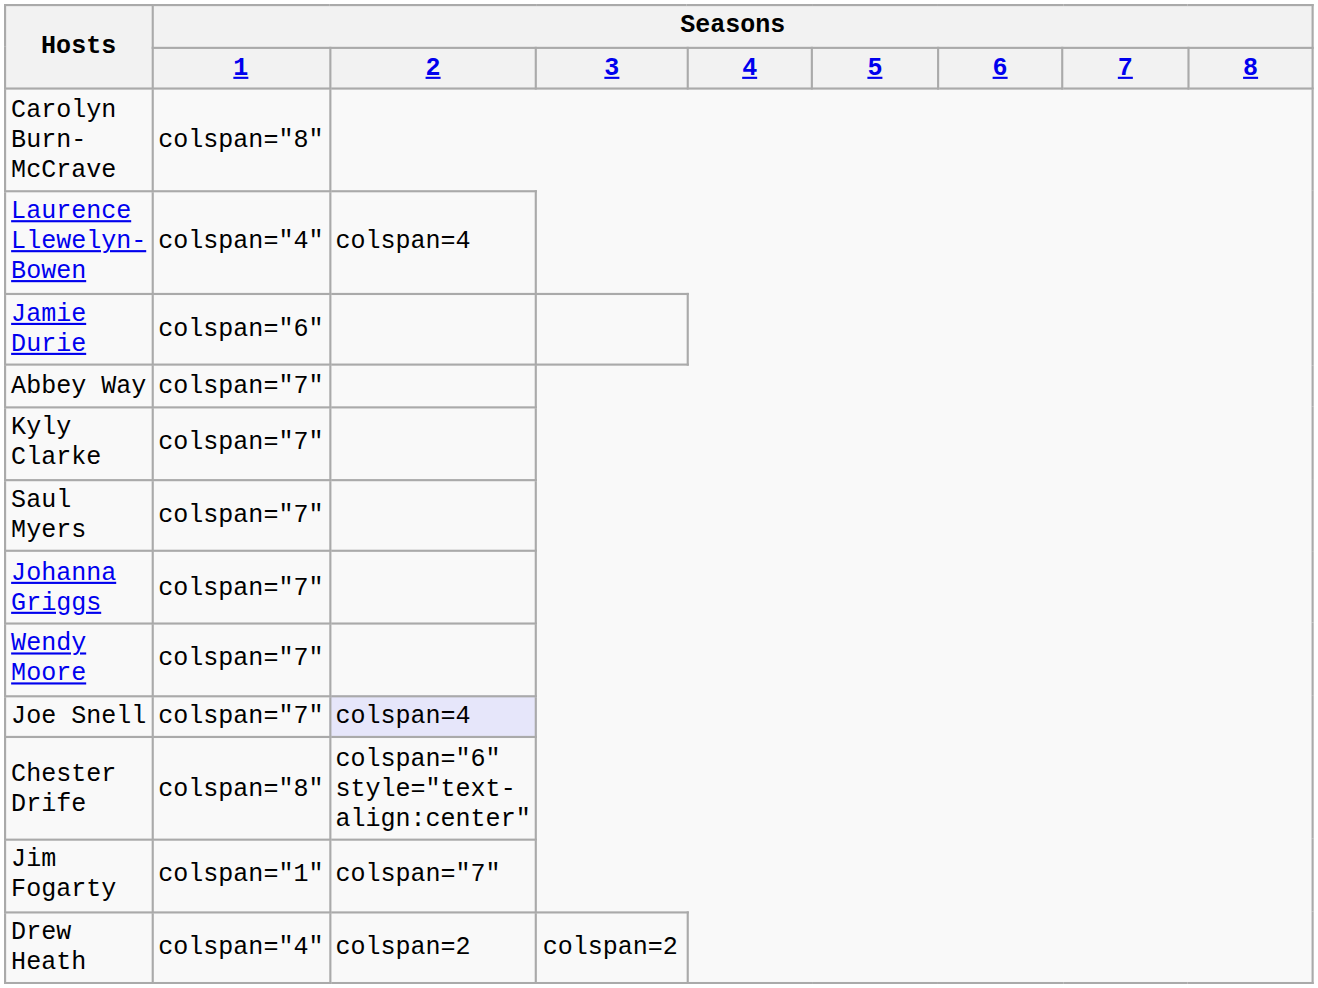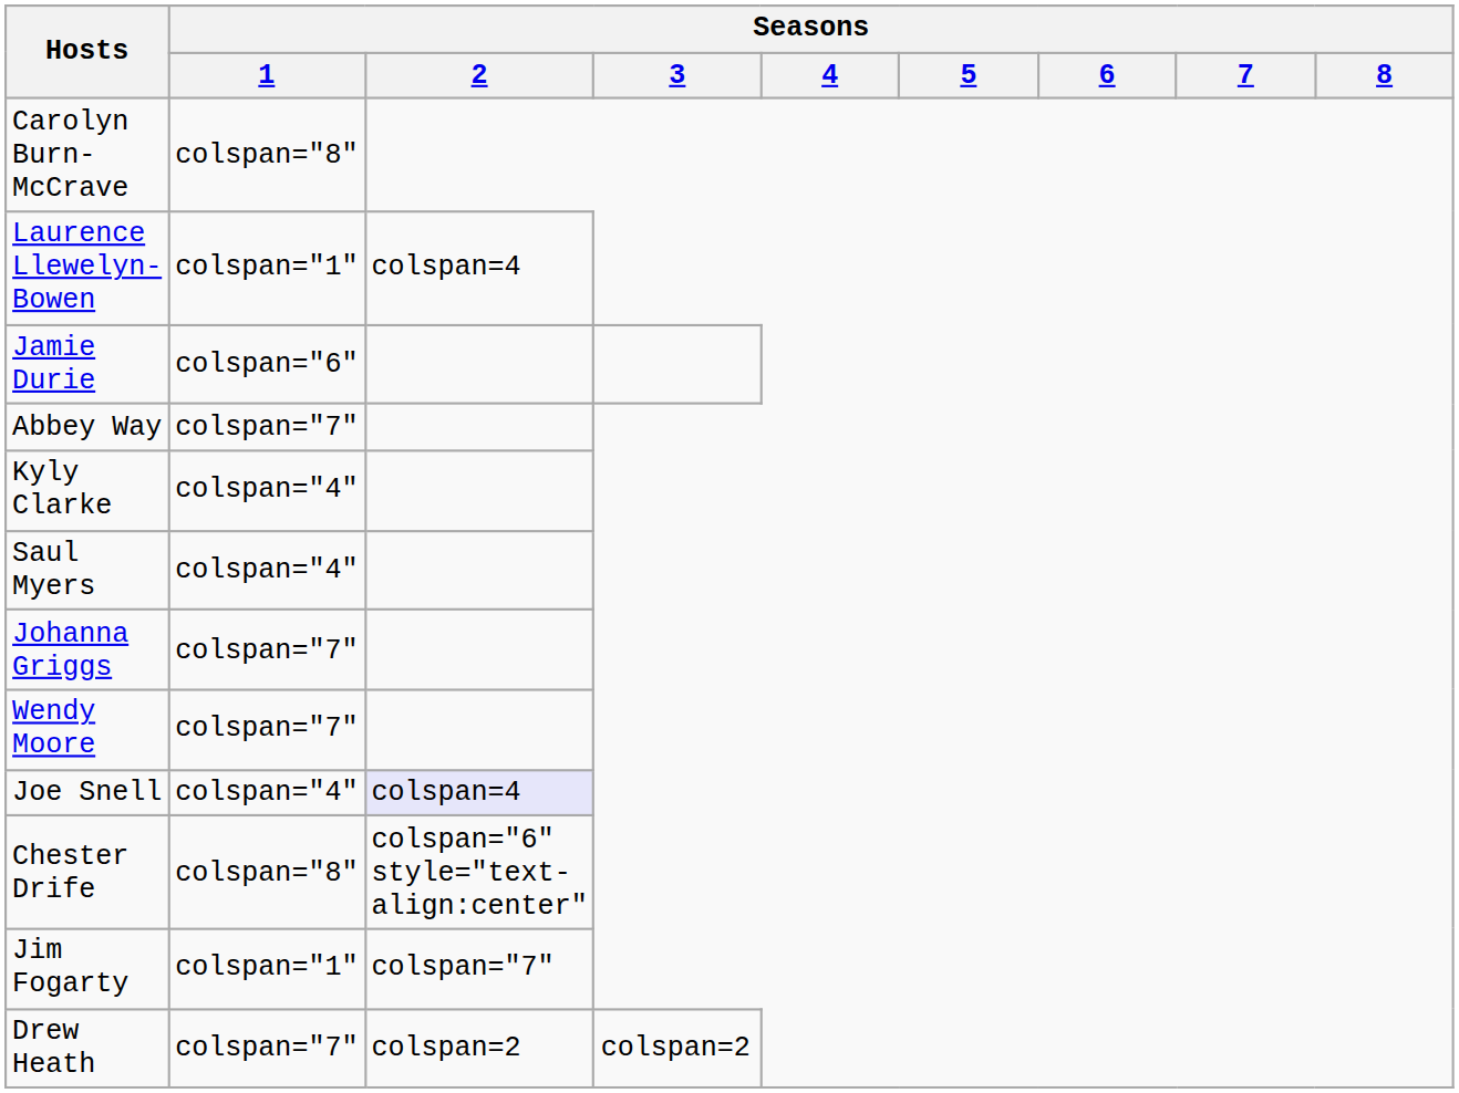 <table class="wikitable plainrowheaders" style="font-size:90%;">
 <tr>
 <th rowspan="2">Hosts</th>
 <th colspan=12 style=text-align:center;>Seasons</th>
 </tr>
 <tr>
 <th style="width:65px;"><a href='#'>1</a></th>
 <th style="width:65px;"><a href='#'>2</a></th>
 <th style="width:65px;"><a href='#'>3</a></th>
 <th style="width:65px;"><a href='#'>4</a></th>
 <th style="width:65px;"><a href='#'>5</a></th>
 <th style="width:65px;"><a href='#'>6</a></th>
 <th style="width:65px;"><a href='#'>7</a></th>
 <th style="width:65px;"><a href='#'>8</a></th>
 </tr>
 <tr>
 <td>Carolyn Burn-McCrave</td>
 <td>colspan="8" </td>
 </tr>
 <tr>
 <td><a href='#'>Laurence Llewelyn-Bowen</a></td>
-<td>colspan="4" </td>
+<td>colspan="1" </td>
 <td>colspan=4 </td>
 </tr>
 <tr>
 <td><a href='#'>Jamie Durie</a></td>
 <td>colspan="6" </td>
 <td></td>
 <td></td>
 </tr>
 <tr>
 <td>Abbey Way</td>
 <td>colspan="7" </td>
 <td></td>
 </tr>
 <tr>
 <td>Kyly Clarke</td>
-<td>colspan="7" </td>
+<td>colspan="4" </td>
 <td></td>
 </tr>
 <tr>
 <td>Saul Myers</td>
-<td>colspan="7" </td>
+<td>colspan="4" </td>
 <td></td>
 </tr>
 <tr>
 <td><a href='#'>Johanna Griggs</a></td>
 <td>colspan="7" </td>
 <td></td>
 </tr>
 <tr>
 <td><a href='#'>Wendy Moore</a></td>
 <td>colspan="7" </td>
 <td></td>
 </tr>
 <tr>
 <td>Joe Snell</td>
-<td>colspan="7" </td>
+<td>colspan="4" </td>
 <td style="background: lavender;">colspan=4 </td>
 </tr>
 <tr>
 <td>Chester Drife</td>
 <td>colspan="8" </td>
 <td>colspan="6" style="text-align:center" </td>
 </tr>
 <tr>
 <td>Jim Fogarty</td>
 <td>colspan="1" </td>
 <td>colspan="7" </td>
 </tr>
 <tr>
 <td>Drew Heath</td>
-<td>colspan="4" </td>
+<td>colspan="7" </td>
 <td>colspan=2 </td>
 <td>colspan=2 </td>
 </tr>
 </table>
